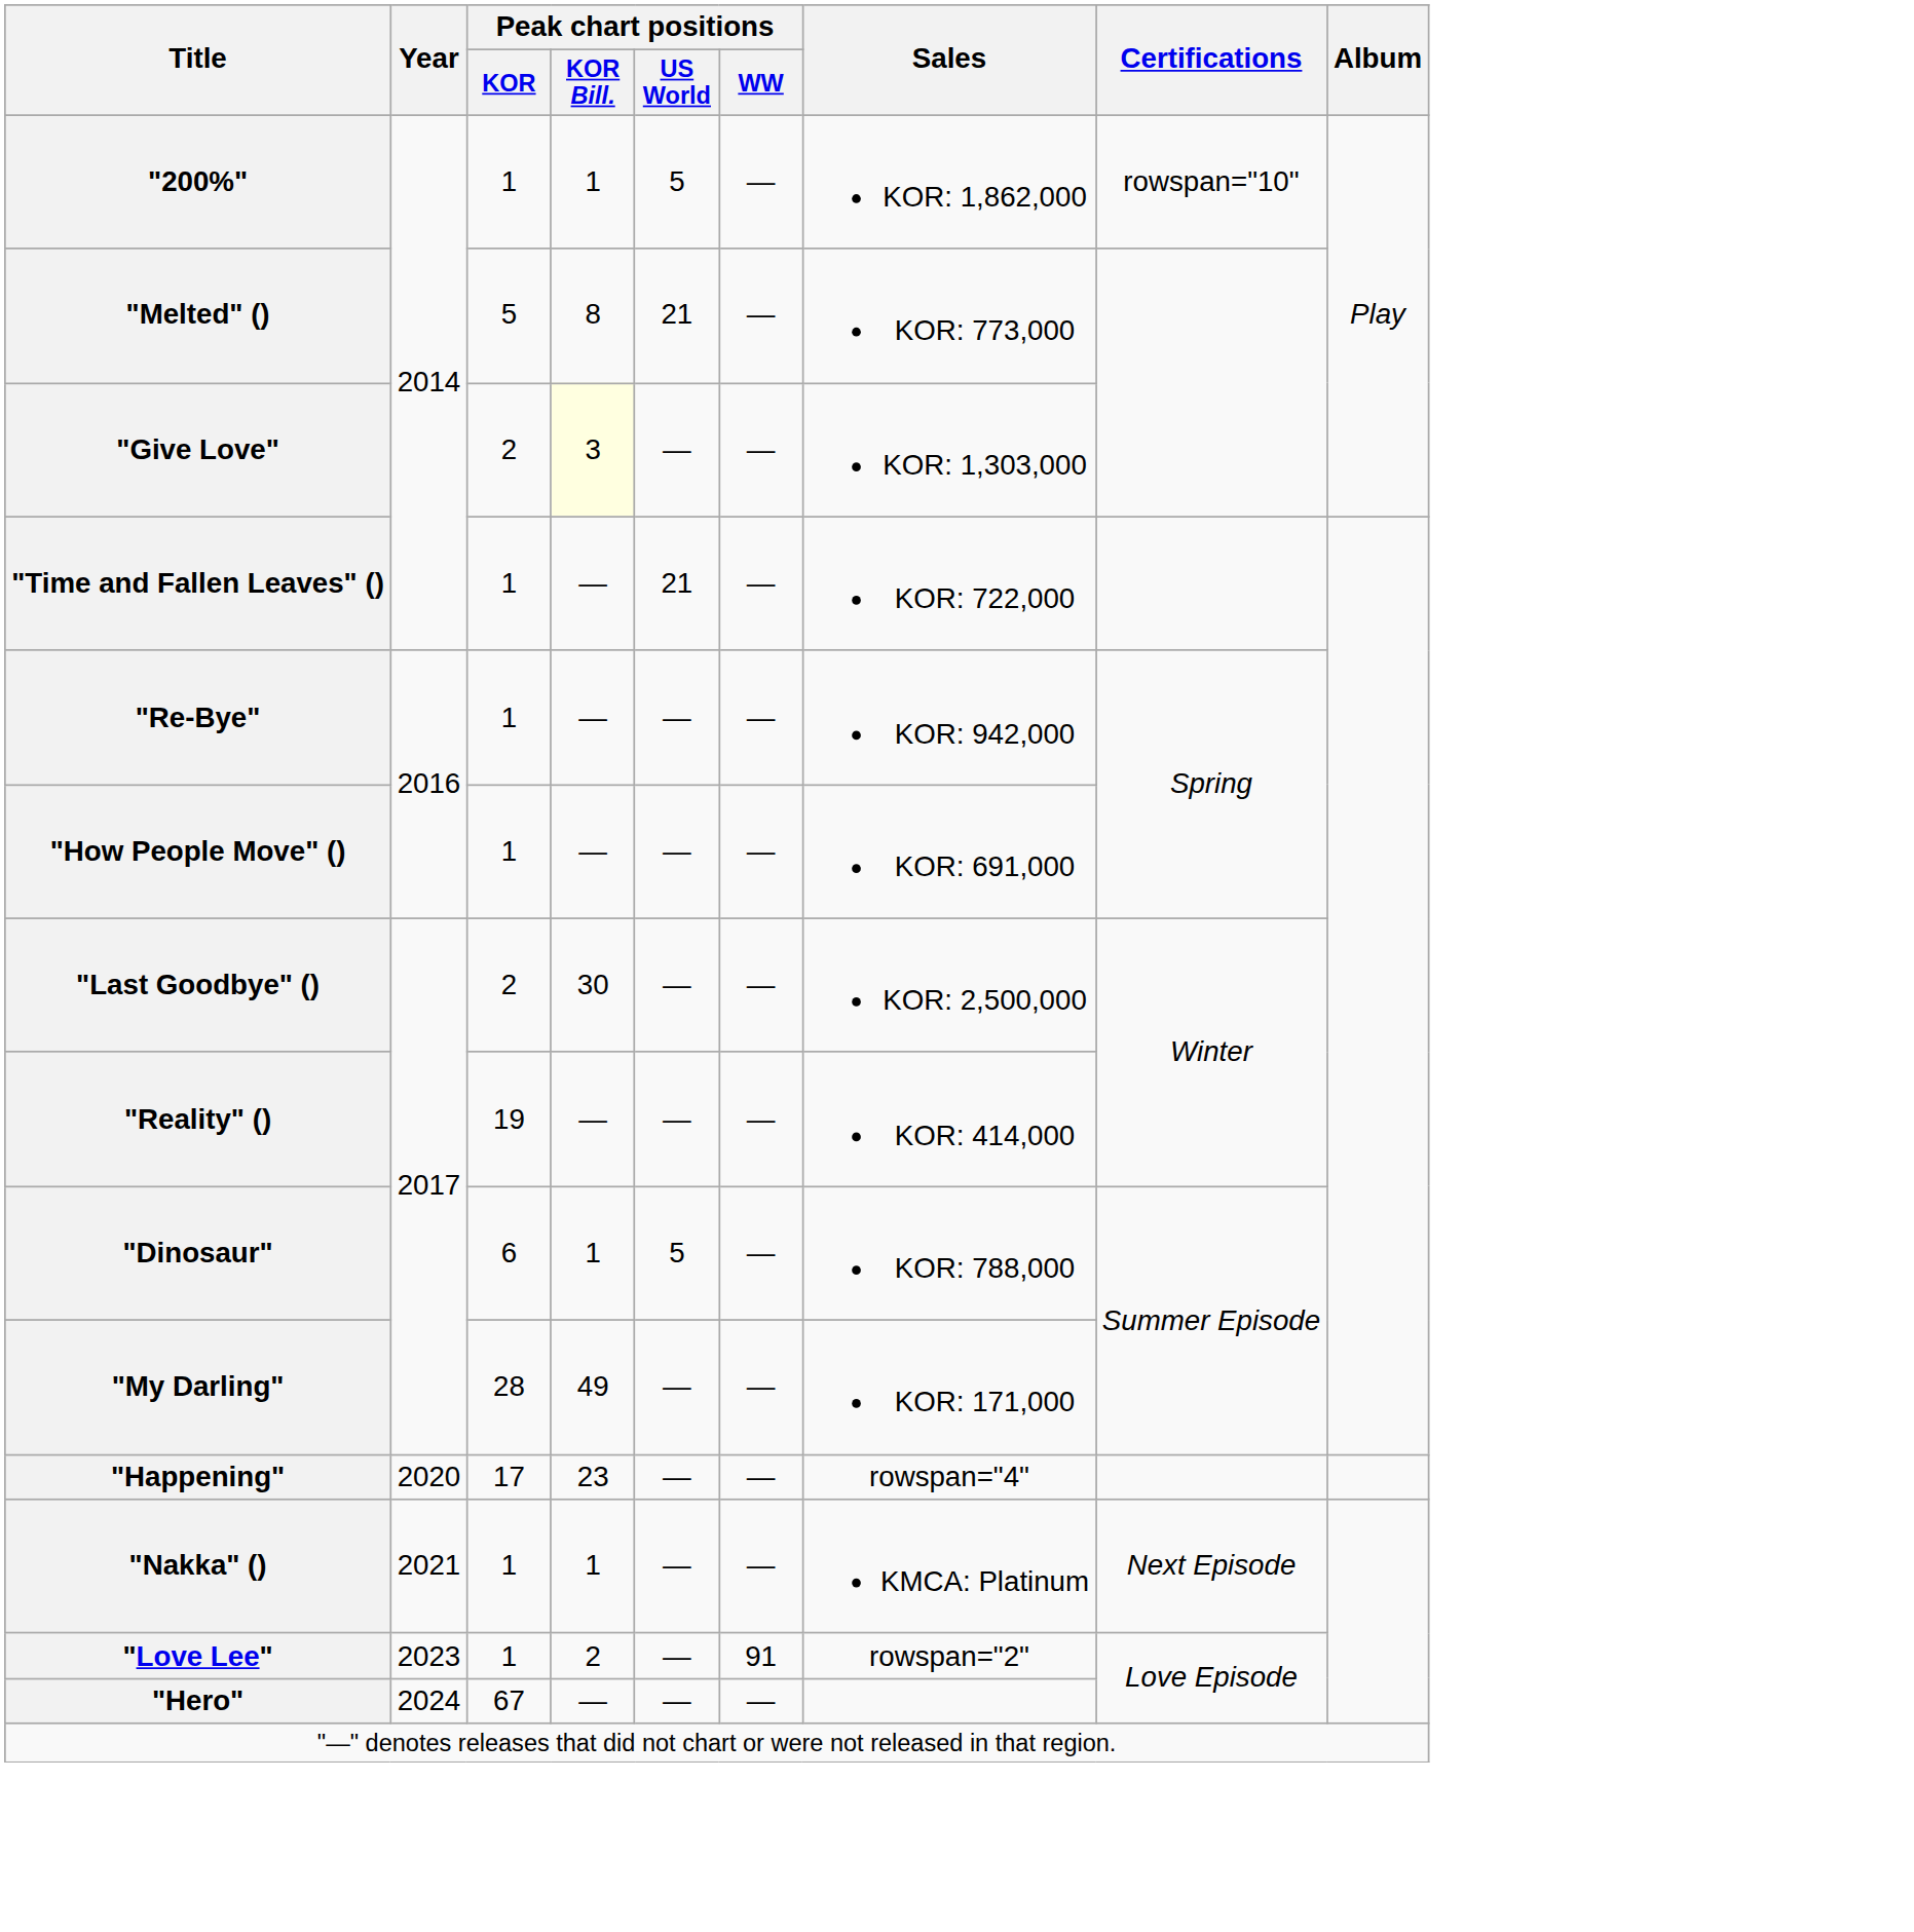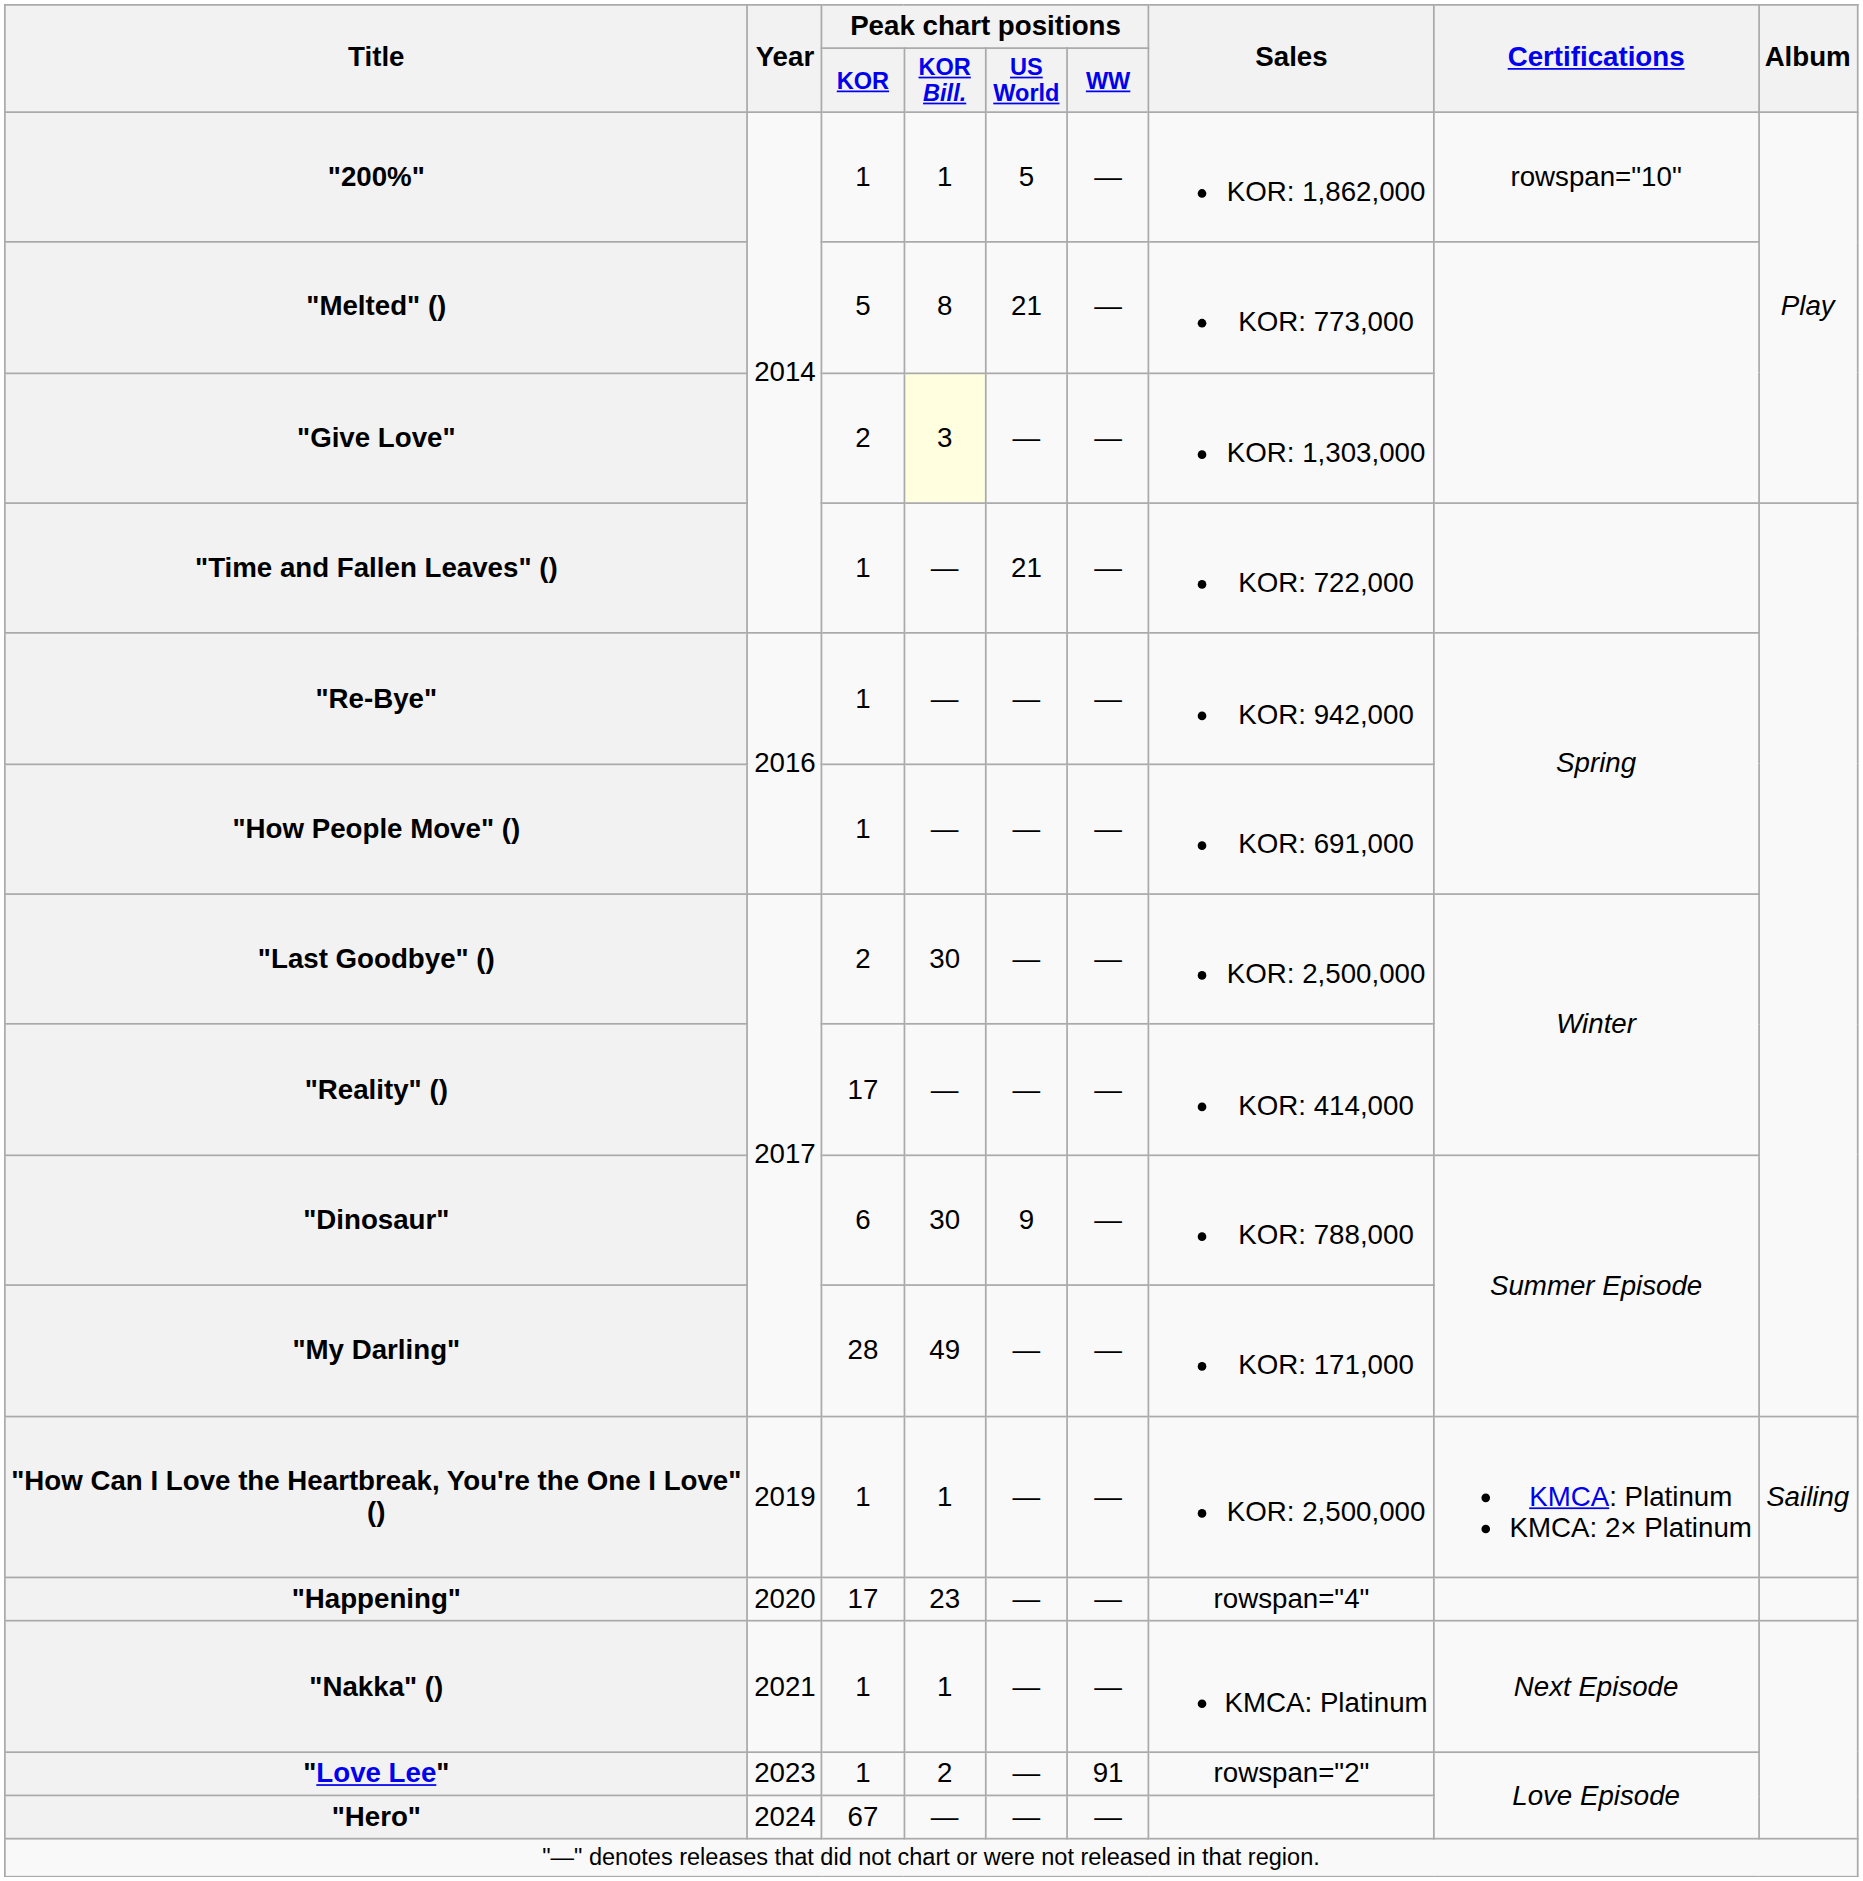 <table class="wikitable plainrowheaders" style="text-align:center;">
 <tr>
 <th scope="col" rowspan="2">Title</th>
 <th scope="col" rowspan="2">Year</th>
 <th scope="col" colspan="4">Peak chart positions</th>
 <th scope="col" rowspan="2">Sales</th>
 <th scope="col" rowspan="2"><a href='#'>Certifications</a><br></th>
 <th scope="col" rowspan="2">Album</th>
 </tr>
 <tr>
 <th scope="col" style="width:3em; font-size:85%;"><a href='#'>KOR</a><br></th>
 <th scope="col" style="width:3em; font-size:85%;"><a href='#'>KOR<br><em>Bill.</em></a><br></th>
 <th scope="col" style="width:3em; font-size:85%;"><a href='#'>US<br>World</a><br></th>
 <th scope="col" style="width:3em; font-size:85%;"><a href='#'>WW</a><br></th>
 </tr>
 <tr>
 <th scope="row">"200%"</th>
 <td rowspan="4">2014</td>
 <td>1</td>
 <td>1</td>
 <td>5</td>
 <td>—</td>
 <td><br><ul><li>KOR: 1,862,000</li></ul></td>
 <td>rowspan="10" </td>
 <td rowspan="3"><em>Play</em></td>
 </tr>
 <tr>
 <th scope="row">"Melted" ()</th>
 <td>5</td>
 <td>8</td>
 <td>21</td>
 <td>—</td>
 <td><br><ul><li>KOR: 773,000</li></ul></td>
 </tr>
 <tr>
 <th scope="row">"Give Love"</th>
 <td>2</td>
 <td style="background: lightyellow;">3</td>
 <td>—</td>
 <td>—</td>
 <td><br><ul><li>KOR: 1,303,000</li></ul></td>
 </tr>
 <tr>
 <th scope="row">"Time and Fallen Leaves" ()</th>
 <td>1</td>
 <td>—</td>
 <td>21</td>
 <td>—</td>
 <td><br><ul><li>KOR: 722,000</li></ul></td>
 <td></td>
 </tr>
 <tr>
 <th scope="row">"Re-Bye"</th>
 <td rowspan="2">2016</td>
 <td>1</td>
 <td>—</td>
 <td>—</td>
 <td>—</td>
 <td><br><ul><li>KOR: 942,000</li></ul></td>
 <td rowspan="2"><em>Spring</em></td>
 </tr>
 <tr>
 <th scope="row">"How People Move" ()</th>
 <td>1</td>
 <td>—</td>
 <td>—</td>
 <td>—</td>
 <td><br><ul><li>KOR: 691,000</li></ul></td>
 </tr>
 <tr>
 <th scope="row">"Last Goodbye" ()</th>
 <td rowspan=4>2017</td>
 <td>2</td>
 <td>30</td>
 <td>—</td>
 <td>—</td>
 <td><br><ul><li>KOR: 2,500,000</li></ul></td>
 <td rowspan=2><em>Winter</em></td>
 </tr>
 <tr>
 <th scope="row">"Reality" ()</th>
-<td>19</td>
+<td>17</td>
 <td>—</td>
 <td>—</td>
 <td>—</td>
 <td><br><ul><li>KOR: 414,000</li></ul></td>
 </tr>
 <tr>
 <th scope="row">"Dinosaur"</th>
 <td>6</td>
-<td>1</td>
-<td>5</td>
+<td>30</td>
+<td>9</td>
 <td>—</td>
 <td><br><ul><li>KOR: 788,000</li></ul></td>
 <td rowspan="2"><em>Summer Episode</em></td>
 </tr>
 <tr>
 <th scope="row">"My Darling"</th>
 <td>28</td>
 <td>49</td>
 <td>—</td>
 <td>—</td>
 <td><br><ul><li>KOR: 171,000</li></ul></td>
+</tr>
+<tr>
+<th scope="row">"How Can I Love the Heartbreak, You're the One I Love"<br>()</th>
+<td>2019</td>
+<td>1</td>
+<td>1</td>
+<td>—</td>
+<td>—</td>
+<td><br><ul><li>KOR: 2,500,000</li></ul></td>
+<td><br><ul><li><a href='#'>KMCA</a>: Platinum </li><li>KMCA: 2× Platinum </li></ul></td>
+<td><em>Sailing</em></td>
 </tr>
 <tr>
 <th scope="row">"Happening"</th>
 <td>2020</td>
 <td>17</td>
 <td>23</td>
 <td>—</td>
 <td>—</td>
 <td>rowspan="4" </td>
 <td></td>
 <td></td>
 </tr>
 <tr>
 <th scope="row">"Nakka" ()<br></th>
 <td>2021</td>
 <td>1</td>
 <td>1</td>
 <td>—</td>
 <td>—</td>
 <td><br><ul><li>KMCA: Platinum </li></ul></td>
 <td><em>Next Episode</em></td>
 </tr>
 <tr>
 <th scope="row">"<a href='#'>Love Lee</a>"</th>
 <td>2023</td>
 <td>1</td>
 <td>2</td>
 <td>—</td>
 <td>91</td>
 <td>rowspan="2" </td>
 <td rowspan="2"><em>Love Episode</em></td>
 </tr>
 <tr>
 <th scope="row">"Hero"</th>
 <td>2024</td>
 <td>67</td>
 <td>—</td>
 <td>—</td>
 <td>—</td>
 </tr>
 <tr>
 <td colspan="9" style="font-size:85%">"—" denotes releases that did not chart or were not released in that region.</td>
 </tr>
 </table>
